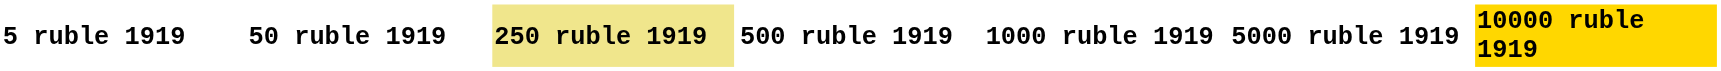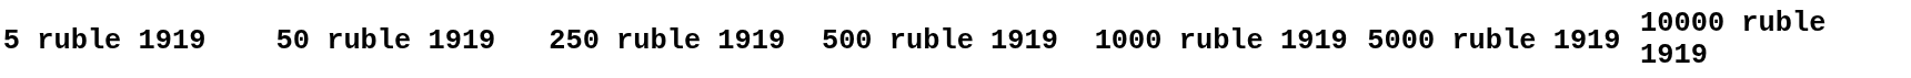 <table class="graytable">
 <tr>
 <td align="center" width="14%"></td>
 <td align="center" width="14%"></td>
 <td align="center" width="14%"></td>
 <td align="center" width="14%"></td>
 <td align="center" width="14%"></td>
 <td align="center" width="14%"></td>
 <td align="center" width="14%"></td>
 </tr>
 <tr>
 <td></td>
 <td></td>
 <td></td>
 <td></td>
 <td></td>
 <td></td>
 <td></td>
 </tr>
 <tr>
 <td><strong>5 ruble  1919</strong></td>
 <td><strong>50 ruble  1919</strong></td>
-<td style="background: khaki;"><strong>250 ruble  1919</strong></td>
+<td><strong>250 ruble  1919</strong></td>
 <td><strong>500 ruble  1919</strong></td>
 <td><strong>1000 ruble  1919</strong></td>
 <td><strong>5000 ruble  1919</strong></td>
-<td style="background: gold;"><strong>10000 ruble  1919</strong></td>
+<td><strong>10000 ruble  1919</strong></td>
 </tr>
 </table>
